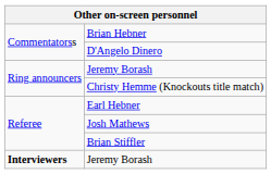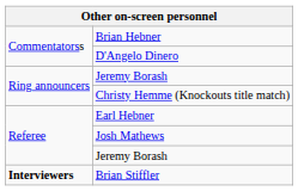 <table align="right" class="wikitable" style="border:1px; font-size:90%; margin-left:1em;">
 <tr>
 <th colspan="2" width="250"><strong>Other on-screen personnel</strong></th>
 </tr>
 <tr>
 <td rowspan=2><a href='#'>Commentators</a>s</td>
 <td><a href='#'>Brian Hebner</a></td>
 </tr>
 <tr>
 <td><a href='#'>D'Angelo Dinero</a></td>
 </tr>
 <tr>
 <td rowspan=2><a href='#'>Ring announcers</a></td>
 <td><a href='#'>Jeremy Borash</a></td>
 </tr>
 <tr>
 <td><a href='#'>Christy Hemme</a> (Knockouts title match)</td>
 </tr>
 <tr>
 <td rowspan=3><a href='#'>Referee</a></td>
 <td><a href='#'>Earl Hebner</a></td>
 </tr>
 <tr>
 <td><a href='#'>Josh Mathews</a></td>
 </tr>
 <tr>
-<td><a href='#'>Brian Stiffler</a></td>
+<td>Jeremy Borash</td>
 </tr>
 <tr>
 <td rowspan=1><strong>Interviewers</strong></td>
-<td>Jeremy Borash</td>
+<td><a href='#'>Brian Stiffler</a></td>
 </tr>
 <tr>
 </tr>
 </table>
